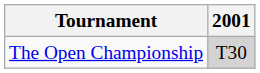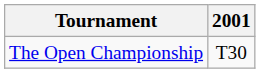 <table class="wikitable" style="font-size:95%;text-align:center;">
 <tr>
 <th>Tournament</th>
 <th>2001</th>
 </tr>
 <tr>
 <td align=left><a href='#'>The Open Championship</a></td>
-<td style="background: lightgrey;">T30</td>
+<td>T30</td>
 </tr>
 </table>
